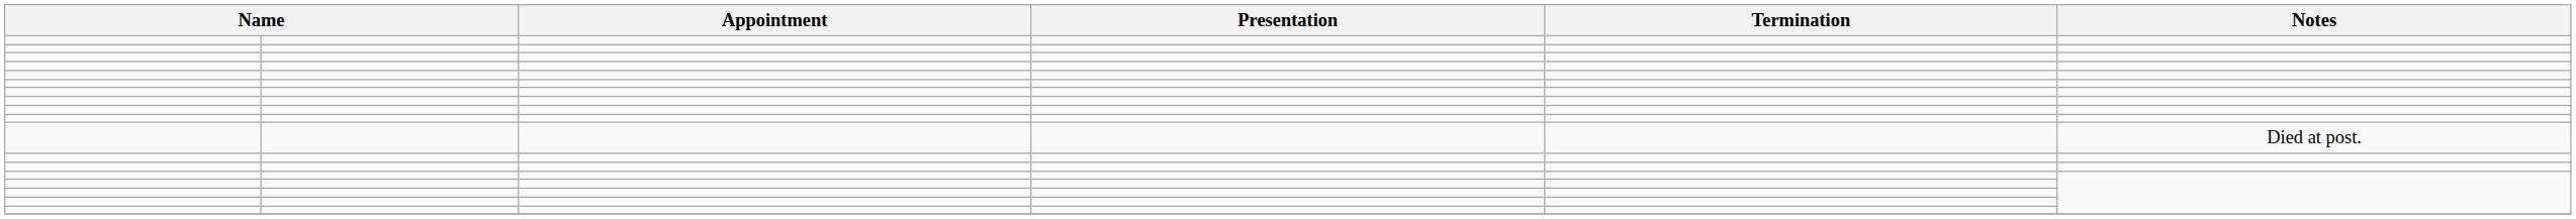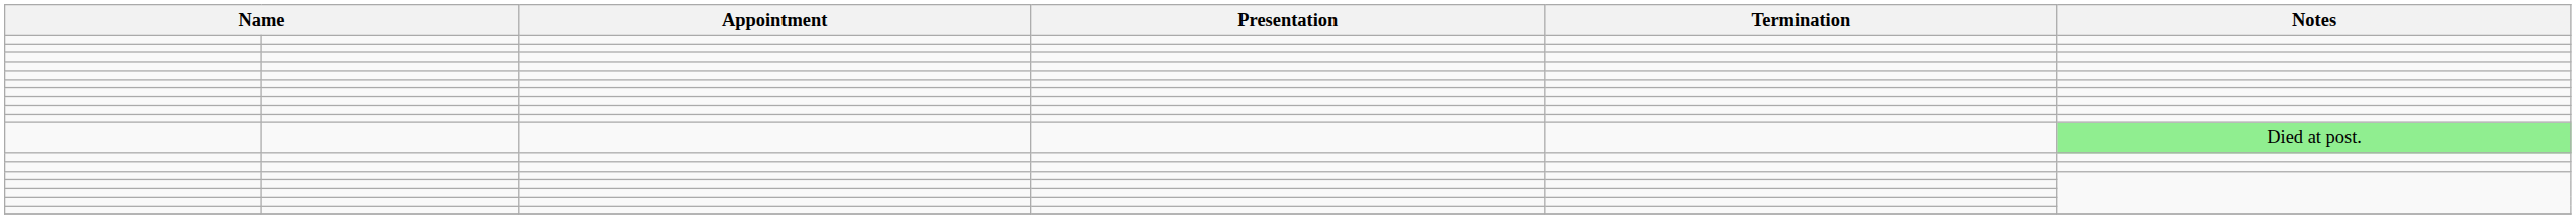 <table class="wikitable sortable" style="font-size:90%; text-align:center; width:100%;">
 <tr>
 <th colspan=2>Name</th>
 <th style="width:20%;">Appointment</th>
 <th style="width:20%;">Presentation</th>
 <th style="width:20%;">Termination</th>
 <th class="unsortable" style="width:20%;">Notes</th>
 </tr>
 <tr>
 <td></td>
 <td></td>
 <td></td>
 <td></td>
 <td></td>
 <td></td>
 </tr>
 <tr>
 <td></td>
 <td></td>
 <td></td>
 <td></td>
 <td></td>
 <td></td>
 </tr>
 <tr>
 <td></td>
 <td></td>
 <td></td>
 <td></td>
 <td></td>
 <td></td>
 </tr>
 <tr>
 <td></td>
 <td></td>
 <td></td>
 <td></td>
 <td></td>
 <td></td>
 </tr>
 <tr>
 <td></td>
 <td></td>
 <td></td>
 <td></td>
 <td></td>
 <td></td>
 </tr>
 <tr>
 <td></td>
 <td></td>
 <td></td>
 <td></td>
 <td></td>
 <td></td>
 </tr>
 <tr>
 <td></td>
 <td></td>
 <td></td>
 <td></td>
 <td></td>
 <td></td>
 </tr>
 <tr>
 <td></td>
 <td></td>
 <td></td>
 <td></td>
 <td></td>
 <td></td>
 </tr>
 <tr>
 <td></td>
 <td></td>
 <td></td>
 <td></td>
 <td></td>
 <td></td>
 </tr>
 <tr>
 <td></td>
 <td></td>
 <td></td>
 <td></td>
 <td></td>
 <td></td>
 </tr>
 <tr>
 <td></td>
 <td></td>
 <td></td>
 <td></td>
 <td></td>
-<td>Died at post.</td>
+<td style="background: lightgreen;">Died at post.</td>
 </tr>
 <tr>
 <td></td>
 <td></td>
 <td></td>
 <td></td>
 <td></td>
 <td></td>
 </tr>
 <tr>
 <td></td>
 <td></td>
 <td></td>
 <td></td>
 <td></td>
 <td></td>
 </tr>
 <tr>
 <td></td>
 <td></td>
 <td></td>
 <td></td>
 <td></td>
 <td rowspan="5"></td>
 </tr>
 <tr>
 <td></td>
 <td></td>
 <td></td>
 <td></td>
 <td></td>
 </tr>
 <tr>
 <td></td>
 <td></td>
 <td></td>
 <td></td>
 <td></td>
 </tr>
 <tr>
 <td></td>
 <td></td>
 <td></td>
 <td></td>
 <td></td>
 </tr>
 <tr>
 <td></td>
 <td></td>
 <td></td>
 <td></td>
 <td></td>
 </tr>
 <tr>
 </tr>
 </table>
